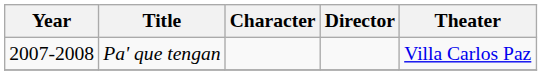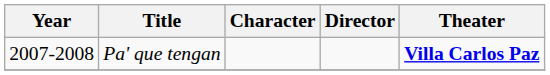 <table class="wikitable" style="font-size: 90%;">
 <tr>
 <th>Year</th>
 <th>Title</th>
 <th>Character</th>
 <th>Director</th>
 <th>Theater</th>
 </tr>
 <tr>
 <td>2007-2008</td>
 <td><em>Pa' que tengan</em></td>
 <td></td>
 <td></td>
-<td><a href='#'>Villa Carlos Paz</a></td>
+<td><strong><a href='#'>Villa Carlos Paz</a></strong></td>
 </tr>
 <tr>
 </tr>
 </table>
